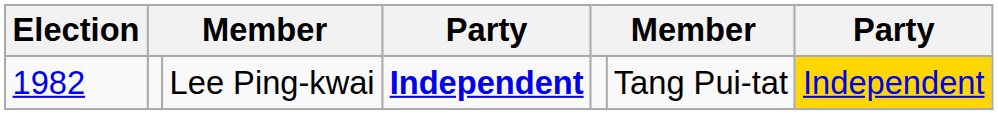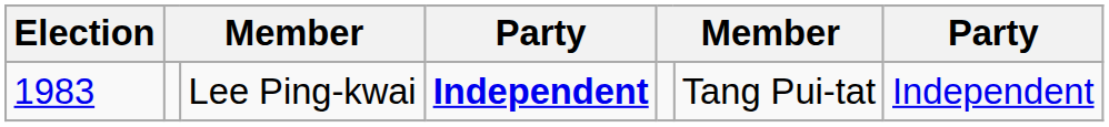 <table class="wikitable">
 <tr>
 <th>Election</th>
 <th colspan="2">Member</th>
 <th>Party</th>
 <th colspan="2">Member</th>
 <th>Party</th>
 </tr>
 <tr>
-<td><a href='#'>1982</a></td>
+<td><a href='#'>1983</a></td>
 <td style="background-color: "></td>
 <td>Lee Ping-kwai</td>
 <td><strong><a href='#'>Independent</a></strong></td>
 <td style="background-color: "></td>
 <td>Tang Pui-tat</td>
-<td style="background: gold;"><a href='#'>Independent</a></td>
+<td><a href='#'>Independent</a></td>
 </tr>
 </table>
